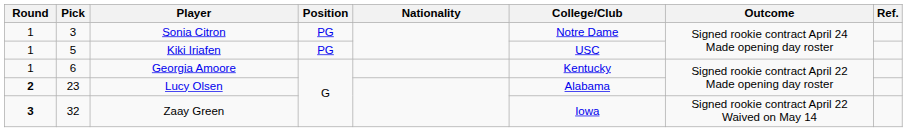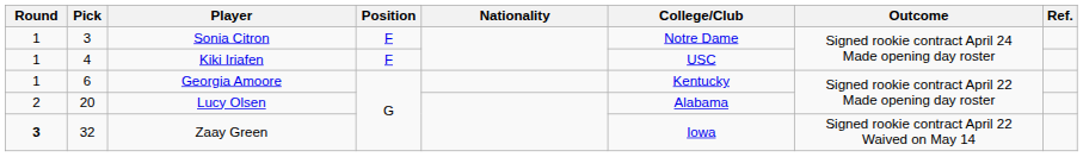 <table class="wikitable sortable sortable" style="text-align: center">
 <tr>
 <th width="5%">Round</th>
 <th width="3%">Pick</th>
 <th width="20%">Player</th>
 <th width="3%">Position</th>
 <th width="15%">Nationality</th>
 <th width="15%">College/Club</th>
 <th width="20%">Outcome</th>
 <th width="1%">Ref.</th>
 </tr>
 <tr>
 <td>1</td>
 <td>3</td>
 <td><a href='#'>Sonia Citron</a></td>
-<td><a href='#'>PG</a></td>
+<td><a href='#'>F</a></td>
 <td rowspan=2></td>
 <td><a href='#'>Notre Dame</a></td>
 <td rowspan=2>Signed rookie contract April 24<br>Made opening day roster</td>
 <td></td>
 </tr>
 <tr>
 <td>1</td>
-<td>5</td>
+<td>4</td>
 <td><a href='#'>Kiki Iriafen</a></td>
-<td><a href='#'>PG</a></td>
+<td><a href='#'>F</a></td>
 <td><a href='#'>USC</a></td>
 <td></td>
 </tr>
 <tr>
 <td>1</td>
 <td>6</td>
 <td><a href='#'>Georgia Amoore</a></td>
 <td rowspan=3>G</td>
 <td></td>
 <td><a href='#'>Kentucky</a></td>
 <td rowspan=2>Signed rookie contract April 22<br>Made opening day roster</td>
 <td></td>
 </tr>
 <tr>
-<td><strong>2</strong></td>
-<td>23</td>
+<td>2</td>
+<td>20</td>
 <td><a href='#'>Lucy Olsen</a></td>
 <td rowspan=2></td>
 <td><a href='#'>Alabama</a></td>
 <td></td>
 </tr>
 <tr>
 <td><strong>3</strong></td>
 <td>32</td>
 <td>Zaay Green</td>
 <td><a href='#'>Iowa</a></td>
 <td>Signed rookie contract April 22<br>Waived on May 14</td>
 <td></td>
 </tr>
 </table>
